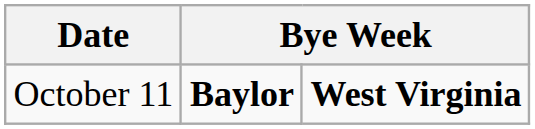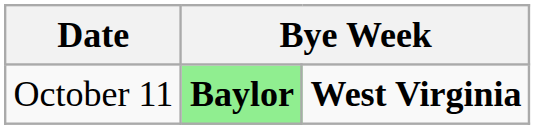 <table class="wikitable" style="font-size:95%;">
 <tr>
 <th>Date</th>
 <th colspan="2">Bye Week</th>
 </tr>
 <tr>
 <td>October 11</td>
-<td><strong>Baylor</strong></td>
+<td style="background: lightgreen;"><strong>Baylor</strong></td>
 <td><strong>West Virginia</strong></td>
 </tr>
 </table>
